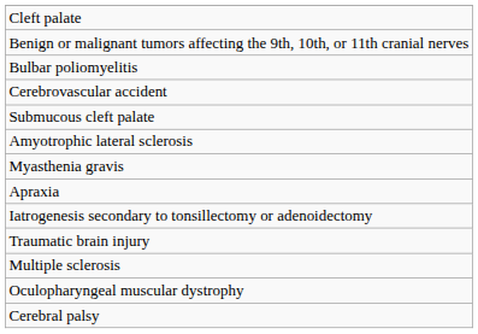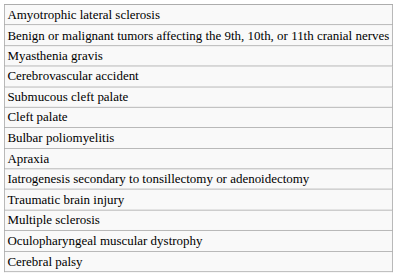 <table class="wikitable">
 <tr>
 </tr>
 <tr>
-<td>Cleft palate</td>
+<td>Amyotrophic lateral sclerosis</td>
 </tr>
 <tr>
 <td>Benign or malignant tumors affecting the 9th, 10th, or 11th cranial nerves</td>
 </tr>
 <tr>
-<td>Bulbar poliomyelitis</td>
+<td>Myasthenia gravis</td>
 </tr>
 <tr>
 <td>Cerebrovascular accident</td>
 </tr>
 <tr>
 <td>Submucous cleft palate</td>
 </tr>
 <tr>
-<td>Amyotrophic lateral sclerosis</td>
+<td>Cleft palate</td>
 </tr>
 <tr>
-<td>Myasthenia gravis</td>
+<td>Bulbar poliomyelitis</td>
 </tr>
 <tr>
 <td>Apraxia</td>
 </tr>
 <tr>
 <td>Iatrogenesis secondary to tonsillectomy or adenoidectomy</td>
 </tr>
 <tr>
 <td>Traumatic brain injury</td>
 </tr>
 <tr>
 <td>Multiple sclerosis</td>
 </tr>
 <tr>
 <td>Oculopharyngeal muscular dystrophy</td>
 </tr>
 <tr>
 <td>Cerebral palsy</td>
 </tr>
 </table>
